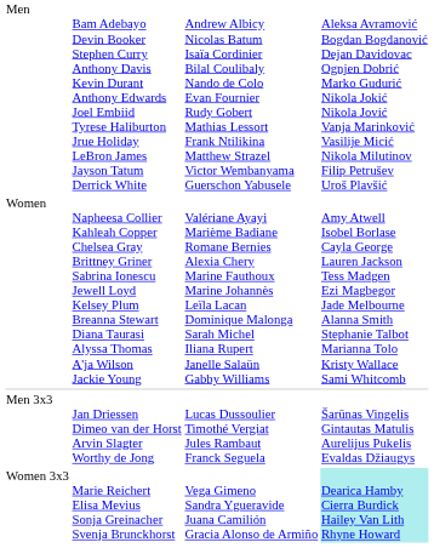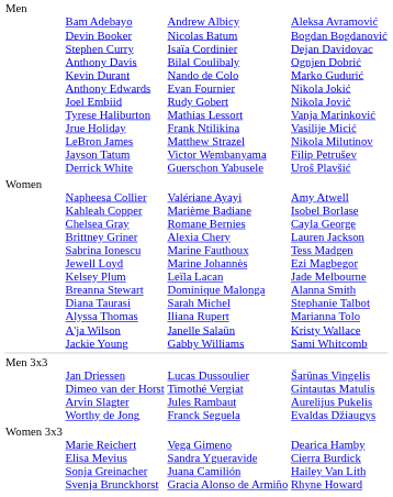 <table>
 <tr valign="top">
 <td>Men<br></td>
 <td><br><a href='#'>Bam Adebayo</a><br><a href='#'>Devin Booker</a><br><a href='#'>Stephen Curry</a><br><a href='#'>Anthony Davis</a><br><a href='#'>Kevin Durant</a><br><a href='#'>Anthony Edwards</a><br><a href='#'>Joel Embiid</a><br><a href='#'>Tyrese Haliburton</a><br><a href='#'>Jrue Holiday</a><br><a href='#'>LeBron James</a><br><a href='#'>Jayson Tatum</a><br><a href='#'>Derrick White</a></td>
 <td><br><a href='#'>Andrew Albicy</a><br><a href='#'>Nicolas Batum</a><br><a href='#'>Isaïa Cordinier</a><br><a href='#'>Bilal Coulibaly</a><br><a href='#'>Nando de Colo</a><br><a href='#'>Evan Fournier</a><br><a href='#'>Rudy Gobert</a><br><a href='#'>Mathias Lessort</a><br><a href='#'>Frank Ntilikina</a><br><a href='#'>Matthew Strazel</a><br><a href='#'>Victor Wembanyama</a><br><a href='#'>Guerschon Yabusele</a></td>
 <td><br><a href='#'>Aleksa Avramović</a><br><a href='#'>Bogdan Bogdanović</a><br><a href='#'>Dejan Davidovac</a><br><a href='#'>Ognjen Dobrić</a><br><a href='#'>Marko Gudurić</a><br><a href='#'>Nikola Jokić</a><br><a href='#'>Nikola Jović</a><br><a href='#'>Vanja Marinković</a><br><a href='#'>Vasilije Micić</a><br><a href='#'>Nikola Milutinov</a><br><a href='#'>Filip Petrušev</a><br><a href='#'>Uroš Plavšić</a></td>
 </tr>
 <tr valign="top">
 <td>Women<br></td>
 <td><br><a href='#'>Napheesa Collier</a><br><a href='#'>Kahleah Copper</a><br><a href='#'>Chelsea Gray</a><br><a href='#'>Brittney Griner</a><br><a href='#'>Sabrina Ionescu</a><br><a href='#'>Jewell Loyd</a><br><a href='#'>Kelsey Plum</a><br><a href='#'>Breanna Stewart</a><br><a href='#'>Diana Taurasi</a><br><a href='#'>Alyssa Thomas</a><br><a href='#'>A'ja Wilson</a><br><a href='#'>Jackie Young</a></td>
 <td><br><a href='#'>Valériane Ayayi</a><br><a href='#'>Marième Badiane</a><br><a href='#'>Romane Bernies</a><br><a href='#'>Alexia Chery</a><br><a href='#'>Marine Fauthoux</a><br><a href='#'>Marine Johannès</a><br><a href='#'>Leïla Lacan</a><br><a href='#'>Dominique Malonga</a><br><a href='#'>Sarah Michel</a><br><a href='#'>Iliana Rupert</a><br><a href='#'>Janelle Salaün</a><br><a href='#'>Gabby Williams</a></td>
 <td><br><a href='#'>Amy Atwell</a><br><a href='#'>Isobel Borlase</a><br><a href='#'>Cayla George</a><br><a href='#'>Lauren Jackson</a><br><a href='#'>Tess Madgen</a><br><a href='#'>Ezi Magbegor</a><br><a href='#'>Jade Melbourne</a><br><a href='#'>Alanna Smith</a><br><a href='#'>Stephanie Talbot</a><br><a href='#'>Marianna Tolo</a><br><a href='#'>Kristy Wallace</a><br><a href='#'>Sami Whitcomb</a></td>
 </tr>
 <tr bgcolor=#DDDDDD>
 <td colspan=7></td>
 </tr>
 <tr valign="top">
 <td>Men 3x3<br></td>
 <td><br><a href='#'>Jan Driessen</a><br><a href='#'>Dimeo van der Horst</a><br><a href='#'>Arvin Slagter</a><br><a href='#'>Worthy de Jong</a></td>
 <td><br><a href='#'>Lucas Dussoulier</a><br><a href='#'>Timothé Vergiat</a><br><a href='#'>Jules Rambaut</a><br><a href='#'>Franck Seguela</a></td>
 <td><br><a href='#'>Šarūnas Vingelis</a><br><a href='#'>Gintautas Matulis</a><br><a href='#'>Aurelijus Pukelis</a><br><a href='#'>Evaldas Džiaugys</a></td>
 </tr>
 <tr valign="top">
 <td>Women 3x3<br></td>
 <td><br><a href='#'>Marie Reichert</a><br><a href='#'>Elisa Mevius</a><br><a href='#'>Sonja Greinacher</a><br><a href='#'>Svenja Brunckhorst</a></td>
 <td><br><a href='#'>Vega Gimeno</a><br><a href='#'>Sandra Ygueravide</a><br><a href='#'>Juana Camilión</a><br><a href='#'>Gracia Alonso de Armiño</a></td>
-<td style="background: paleturquoise;"><br><a href='#'>Dearica Hamby</a><br><a href='#'>Cierra Burdick</a><br><a href='#'>Hailey Van Lith</a><br><a href='#'>Rhyne Howard</a></td>
+<td><br><a href='#'>Dearica Hamby</a><br><a href='#'>Cierra Burdick</a><br><a href='#'>Hailey Van Lith</a><br><a href='#'>Rhyne Howard</a></td>
 </tr>
 </table>
